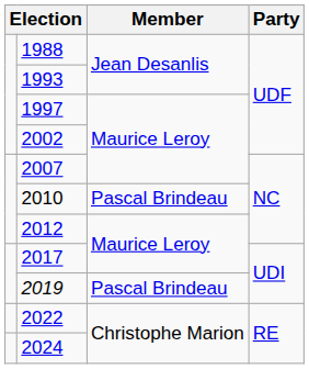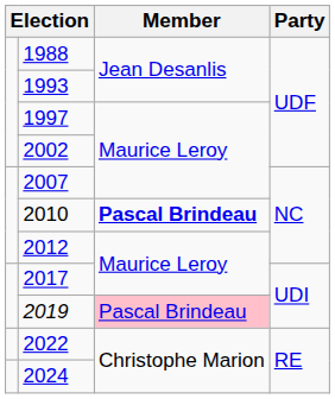 <table class="wikitable">
 <tr>
 <th colspan=2>Election</th>
 <th>Member</th>
 <th>Party</th>
 </tr>
 <tr>
 <td rowspan="4" style="background-color: "></td>
 <td><a href='#'>1988</a></td>
 <td rowspan="2"><a href='#'>Jean Desanlis</a></td>
 <td rowspan="4"><a href='#'>UDF</a></td>
 </tr>
 <tr>
 <td><a href='#'>1993</a></td>
 </tr>
 <tr>
 <td><a href='#'>1997</a></td>
 <td rowspan="3"><a href='#'>Maurice Leroy</a></td>
 </tr>
 <tr>
 <td><a href='#'>2002</a></td>
 </tr>
 <tr>
 <td rowspan="3" style="background-color: "></td>
 <td><a href='#'>2007</a></td>
 <td rowspan="3"><a href='#'>NC</a></td>
 </tr>
 <tr>
 <td>2010</td>
-<td><a href='#'>Pascal Brindeau</a></td>
+<td><strong><a href='#'>Pascal Brindeau</a></strong></td>
 </tr>
 <tr>
 <td><a href='#'>2012</a></td>
 <td rowspan="2"><a href='#'>Maurice Leroy</a></td>
 </tr>
 <tr>
 <td rowspan="2" style="background-color: "></td>
 <td><a href='#'>2017</a></td>
 <td rowspan="2"><a href='#'>UDI</a></td>
 </tr>
 <tr>
 <td><em>2019</em></td>
-<td><a href='#'>Pascal Brindeau</a></td>
+<td style="background: pink;"><a href='#'>Pascal Brindeau</a></td>
 </tr>
 <tr>
 <td style="color:inherit;background-color: "></td>
 <td><a href='#'>2022</a></td>
 <td rowspan="2">Christophe Marion</td>
 <td rowspan="2"><a href='#'>RE</a></td>
 </tr>
 <tr>
 <td style="color:inherit;background-color: "></td>
 <td><a href='#'>2024</a></td>
 </tr>
 </table>
